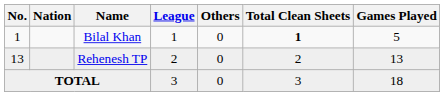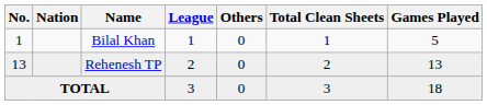 <table class="wikitable sortable" style="font-size: 95%; text-align: center;">
 <tr>
 <th>No.</th>
 <th>Nation</th>
 <th>Name</th>
 <th><a href='#'>League</a></th>
 <th>Others</th>
 <th>Total Clean Sheets</th>
 <th>Games Played</th>
 </tr>
 <tr>
 <td>1</td>
 <td></td>
 <td><a href='#'>Bilal Khan</a></td>
 <td>1</td>
 <td>0</td>
-<td><strong>1</strong></td>
+<td>1</td>
 <td>5</td>
 </tr>
 <tr bgcolor="#efefef">
 <td>13</td>
 <td></td>
 <td><a href='#'>Rehenesh TP</a></td>
 <td>2</td>
 <td>0</td>
 <td>2</td>
 <td>13</td>
 </tr>
 <tr bgcolor="#efefef">
 <td colspan=3><strong>TOTAL</strong></td>
 <td>3</td>
 <td>0</td>
 <td>3</td>
 <td>18</td>
 </tr>
 </table>
